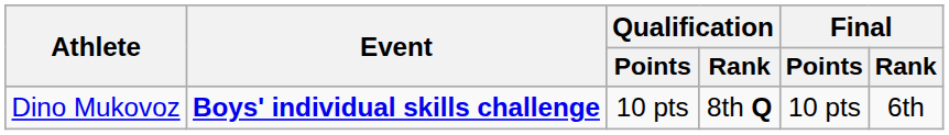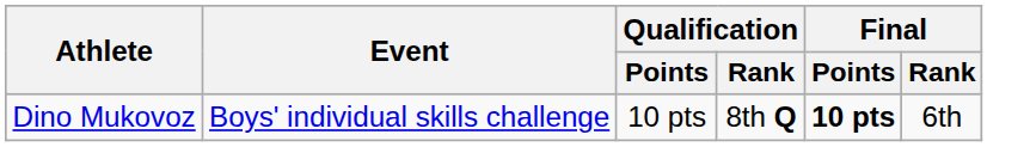 <table class="wikitable" style="font-size:90%">
 <tr>
 <th rowspan=2>Athlete</th>
 <th rowspan=2>Event</th>
 <th colspan=2>Qualification</th>
 <th colspan=2>Final</th>
 </tr>
 <tr style="font-size:95%">
 <th>Points</th>
 <th>Rank</th>
 <th>Points</th>
 <th>Rank</th>
 </tr>
 <tr align=center>
 <td align=left><a href='#'>Dino Mukovoz</a></td>
-<td align=left><strong><a href='#'>Boys' individual skills challenge</a></strong></td>
+<td align=left><a href='#'>Boys' individual skills challenge</a></td>
 <td>10 pts</td>
 <td>8th <strong>Q</strong></td>
-<td>10 pts</td>
+<td><strong>10 pts</strong></td>
 <td>6th</td>
 </tr>
 </table>
